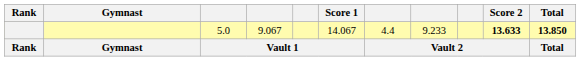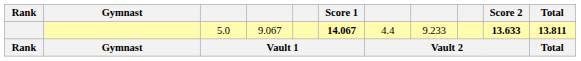 <table class="wikitable sortable" style="text-align:center; font-size:95%">
 <tr>
 <th scope="col" style="width:50px;">Rank</th>
 <th scope="col" style="width:220px;">Gymnast</th>
 <th scope="col" style="width:60px"></th>
 <th scope="col" style="width:60px;"></th>
 <th scope="col" style="width:30px;"></th>
 <th scope="col" style="width:60px;">Score 1</th>
 <th scope="col" style="width:60px"></th>
 <th scope="col" style="width:60px;"></th>
 <th scope="col" style="width:30px;"></th>
 <th scope="col" style="width:60px;">Score 2</th>
 <th scope="col" style="width:60px">Total</th>
 </tr>
 <tr style="background:#fffcaf;">
 <th scope=row style="text-align:center"></th>
 <td style="text-align:left;"></td>
 <td>5.0</td>
 <td>9.067</td>
 <td></td>
-<td>14.067</td>
+<td><strong>14.067</strong></td>
 <td>4.4</td>
 <td>9.233</td>
 <td></td>
 <td><strong>13.633</strong></td>
-<td><strong>13.850</strong></td>
+<td><strong>13.811</strong></td>
 </tr>
 <tr class="sortbottom">
 <th scope=col>Rank</th>
 <th scope="col" style="width:210px;">Gymnast</th>
 <th scope=col colspan="4">Vault 1</th>
 <th scope=col colspan="4">Vault 2</th>
 <th scope=col>Total</th>
 </tr>
 </table>
